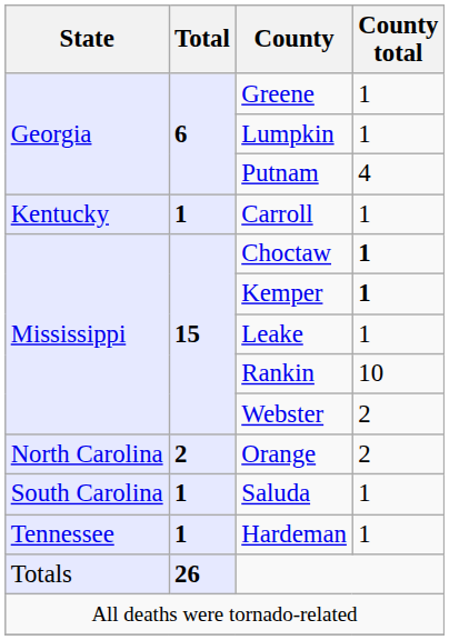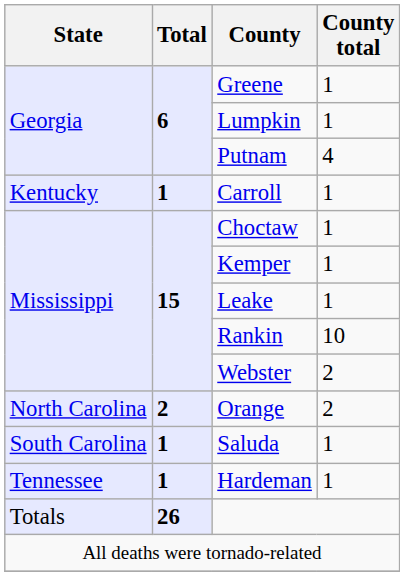 <table class="wikitable" style="margin:0 0 0.5em 1em;float:right;">
 <tr>
 <th><strong>State</strong></th>
 <th><strong>Total</strong></th>
 <th><strong>County</strong></th>
 <th><strong>County<br>total</strong></th>
 </tr>
 <tr>
 <td rowspan=3 bgcolor="#e6e9ff"><a href='#'>Georgia</a></td>
 <td rowspan=3 bgcolor="#e6e9ff"><strong>6</strong></td>
 <td><a href='#'>Greene</a></td>
 <td>1</td>
 </tr>
 <tr>
 <td><a href='#'>Lumpkin</a></td>
 <td>1</td>
 </tr>
 <tr>
 <td><a href='#'>Putnam</a></td>
 <td>4</td>
 </tr>
 <tr>
 <td rowspan=1 bgcolor="#e6e9ff"><a href='#'>Kentucky</a></td>
 <td rowspan=1 bgcolor="#e6e9ff"><strong>1</strong></td>
 <td><a href='#'>Carroll</a></td>
 <td>1</td>
 </tr>
 <tr>
 <td rowspan=5 bgcolor="#e6e9ff"><a href='#'>Mississippi</a></td>
 <td rowspan=5 bgcolor="#e6e9ff"><strong>15</strong></td>
 <td><a href='#'>Choctaw</a></td>
-<td><strong>1</strong></td>
+<td>1</td>
 </tr>
 <tr>
 <td><a href='#'>Kemper</a></td>
-<td><strong>1</strong></td>
+<td>1</td>
 </tr>
 <tr>
 <td><a href='#'>Leake</a></td>
 <td>1</td>
 </tr>
 <tr>
 <td><a href='#'>Rankin</a></td>
 <td>10</td>
 </tr>
 <tr>
 <td><a href='#'>Webster</a></td>
 <td>2</td>
 </tr>
 <tr>
 <td rowspan=1 bgcolor="#e6e9ff"><a href='#'>North Carolina</a></td>
 <td rowspan=1 bgcolor="#e6e9ff"><strong>2</strong></td>
 <td><a href='#'>Orange</a></td>
 <td>2</td>
 </tr>
 <tr>
 <td rowspan=1 bgcolor="#e6e9ff"><a href='#'>South Carolina</a></td>
 <td rowspan=1 bgcolor="#e6e9ff"><strong>1</strong></td>
 <td><a href='#'>Saluda</a></td>
 <td>1</td>
 </tr>
 <tr>
 <td rowspan=1 bgcolor="#e6e9ff"><a href='#'>Tennessee</a></td>
 <td rowspan=1 bgcolor="#e6e9ff"><strong>1</strong></td>
 <td><a href='#'>Hardeman</a></td>
 <td>1</td>
 </tr>
 <tr>
 <td bgcolor="#e6e9ff">Totals</td>
 <td bgcolor="#e6e9ff"><strong>26</strong></td>
 <td colspan=2></td>
 </tr>
 <tr>
 <td colspan=4 align=center><small>All deaths were tornado-related</small></td>
 </tr>
 <tr>
 </tr>
 </table>
